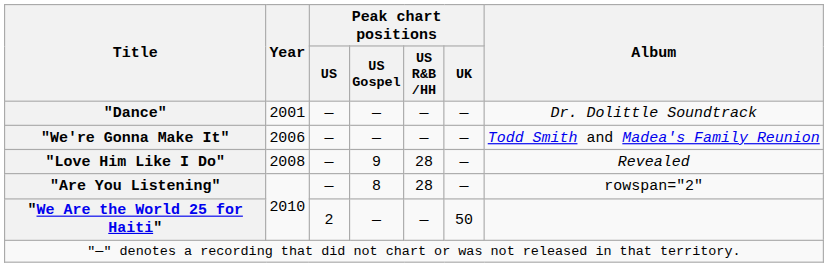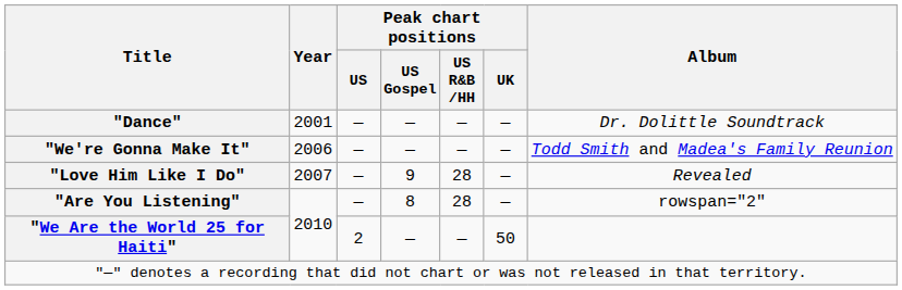 <table class="wikitable plainrowheaders" style="text-align:center;">
 <tr>
 <th scope="col" rowspan="2" style="width:17em;">Title</th>
 <th scope="col" rowspan="2">Year</th>
 <th scope="col" colspan="4">Peak chart positions</th>
 <th scope="col" rowspan="2">Album</th>
 </tr>
 <tr>
 <th scope="col" style="width:2.5em;font-size:90%;">US<br></th>
 <th scope="col" style="width:2.5em;font-size:90%;">US Gospel<br></th>
 <th scope="col" style="width:2.5em;font-size:90%;">US R&B<br>/HH<br></th>
 <th scope="col" style="width:2.5em;font-size:90%;">UK<br></th>
 </tr>
 <tr>
 <th scope="row">"Dance"<br></th>
 <td>2001</td>
 <td>—</td>
 <td>—</td>
 <td>—</td>
 <td>—</td>
 <td><em>Dr. Dolittle Soundtrack</em></td>
 </tr>
 <tr>
 <th scope="row">"We're Gonna Make It"<br></th>
 <td>2006</td>
 <td>—</td>
 <td>—</td>
 <td>—</td>
 <td>—</td>
 <td><em><a href='#'>Todd Smith</a></em> and <em><a href='#'>Madea's Family Reunion</a></em></td>
 </tr>
 <tr>
 <th scope="row">"Love Him Like I Do"<br></th>
-<td>2008</td>
+<td>2007</td>
 <td>—</td>
 <td>9</td>
 <td>28</td>
 <td>—</td>
 <td><em>Revealed</em></td>
 </tr>
 <tr>
 <th scope="row">"Are You Listening"<br></th>
 <td rowspan="2">2010</td>
 <td>—</td>
 <td>8</td>
 <td>28</td>
 <td>—</td>
 <td>rowspan="2" </td>
 </tr>
 <tr>
 <th scope="row">"<a href='#'>We Are the World 25 for Haiti</a>"<br></th>
 <td>2</td>
 <td>—</td>
 <td>—</td>
 <td>50</td>
 </tr>
 <tr>
 <td colspan="14" style="font-size:90%;">"—" denotes a recording that did not chart or was not released in that territory.</td>
 </tr>
 </table>
